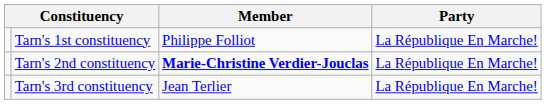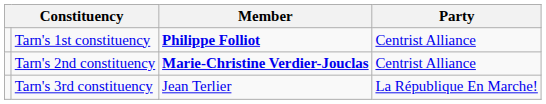 <table class="wikitable">
 <tr>
 <th colspan="2">Constituency</th>
 <th>Member</th>
 <th>Party</th>
 </tr>
 <tr>
 <td style="background-color: "></td>
 <td><a href='#'>Tarn's 1st constituency</a></td>
-<td><a href='#'>Philippe Folliot</a></td>
-<td><a href='#'>La République En Marche!</a></td>
+<td><strong><a href='#'>Philippe Folliot</a></strong></td>
+<td><a href='#'>Centrist Alliance</a></td>
 </tr>
 <tr>
 <td style="background-color: "></td>
 <td><a href='#'>Tarn's 2nd constituency</a></td>
 <td><strong><a href='#'>Marie-Christine Verdier-Jouclas</a></strong></td>
-<td><a href='#'>La République En Marche!</a></td>
+<td><a href='#'>Centrist Alliance</a></td>
 </tr>
 <tr>
 <td style="background-color: "></td>
 <td><a href='#'>Tarn's 3rd constituency</a></td>
 <td><a href='#'>Jean Terlier</a></td>
 <td><a href='#'>La République En Marche!</a></td>
 </tr>
 </table>
